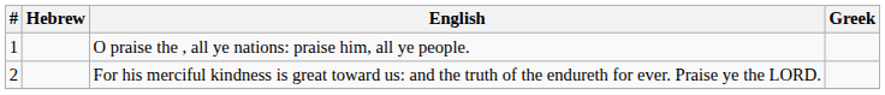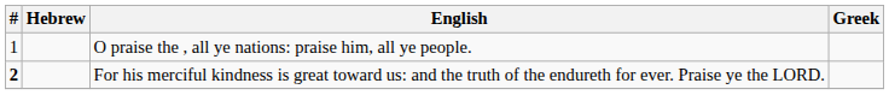 <table class=wikitable>
 <tr>
 <th>#</th>
 <th>Hebrew</th>
 <th>English</th>
 <th>Greek</th>
 </tr>
 <tr>
 <td style="text-align:right">1</td>
 <td style="text-align:right"></td>
 <td>O praise the , all ye nations: praise him, all ye people.</td>
 <td></td>
 </tr>
 <tr>
-<td style="text-align:right">2</td>
+<td style="text-align:right"><strong>2</strong></td>
 <td style="text-align:right"></td>
 <td>For his merciful kindness is great toward us: and the truth of the  endureth for ever. Praise ye the LORD.</td>
 <td></td>
 </tr>
 <tr>
 </tr>
 </table>
